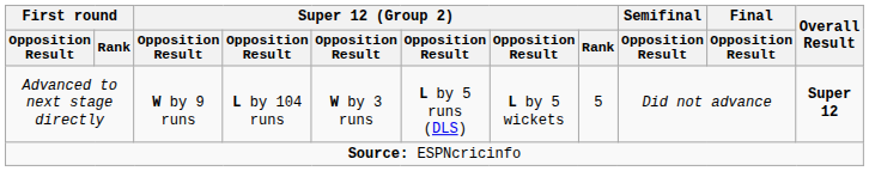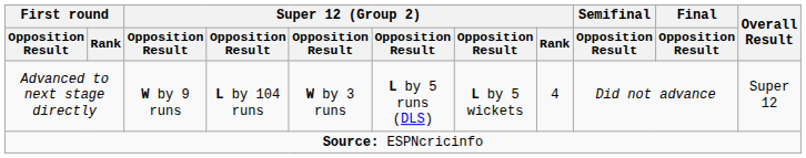 <table class=wikitable style=font-size:90%;text-align:center>
 <tr>
 <th colspan=2>First round</th>
 <th colspan=6>Super 12 (Group 2)</th>
 <th>Semifinal</th>
 <th>Final</th>
 <th rowspan=2>Overall Result</th>
 </tr>
 <tr style=font-size:95%>
 <th>Opposition<br>Result</th>
 <th>Rank</th>
 <th>Opposition<br>Result</th>
 <th>Opposition<br>Result</th>
 <th>Opposition<br>Result</th>
 <th>Opposition<br>Result</th>
 <th>Opposition<br>Result</th>
 <th>Rank</th>
 <th>Opposition<br>Result</th>
 <th>Opposition<br>Result</th>
 </tr>
 <tr>
 <td colspan="2"><em>Advanced to next stage directly</em></td>
 <td><br><strong>W</strong> by 9 runs</td>
 <td><br><strong>L</strong> by 104 runs</td>
 <td><br><strong>W</strong> by 3 runs</td>
 <td><br><strong>L</strong> by 5 runs (<a href='#'>DLS</a>)</td>
 <td><br><strong>L</strong> by 5 wickets</td>
-<td>5</td>
+<td>4</td>
 <td colspan="2"><em>Did not advance</em></td>
-<td><strong>Super 12</strong></td>
+<td>Super 12</td>
 </tr>
 <tr>
 <td colspan="11"><strong>Source:</strong> ESPNcricinfo</td>
 </tr>
 </table>
